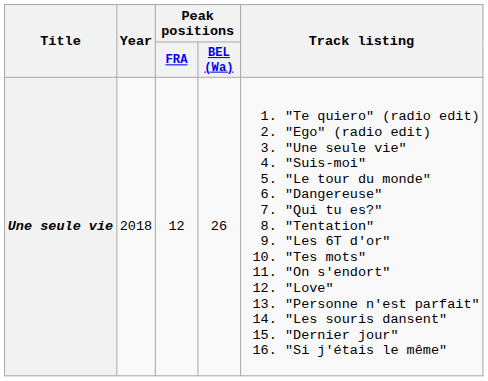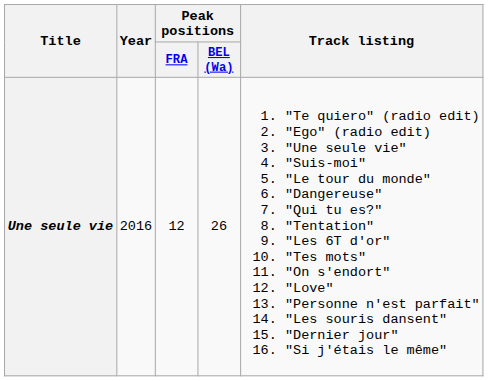 <table class="wikitable plainrowheaders">
 <tr>
 <th align="center" rowspan="2">Title</th>
 <th align="center" rowspan="2">Year</th>
 <th align="center" width="30" colspan=2>Peak positions</th>
 <th align="center" rowspan="2">Track listing</th>
 </tr>
 <tr>
 <th scope="col" style="width:3em;font-size:90%;"><a href='#'>FRA</a><br></th>
 <th scope="col" style="width:3em;font-size:90%;"><a href='#'>BEL<br>(Wa)</a><br></th>
 </tr>
 <tr>
 <th scope="row"><em>Une seule vie</em></th>
-<td>2018</td>
+<td>2016</td>
 <td style="text-align:center">12</td>
 <td style="text-align:center">26</td>
 <td><br><ol><li>"Te quiero" (radio edit)</li><li>"Ego" (radio edit)</li><li>"Une seule vie"</li><li>"Suis-moi" </li><li>"Le tour du monde" </li><li>"Dangereuse" </li><li>"Qui tu es?"</li><li>"Tentation"</li><li>"Les 6T d'or"</li><li>"Tes mots"</li><li>"On s'endort" </li><li>"Love"</li><li>"Personne n'est parfait" </li><li>"Les souris dansent"</li><li>"Dernier jour" </li><li>"Si j'étais le même"</li></ol></td>
 </tr>
 </table>
